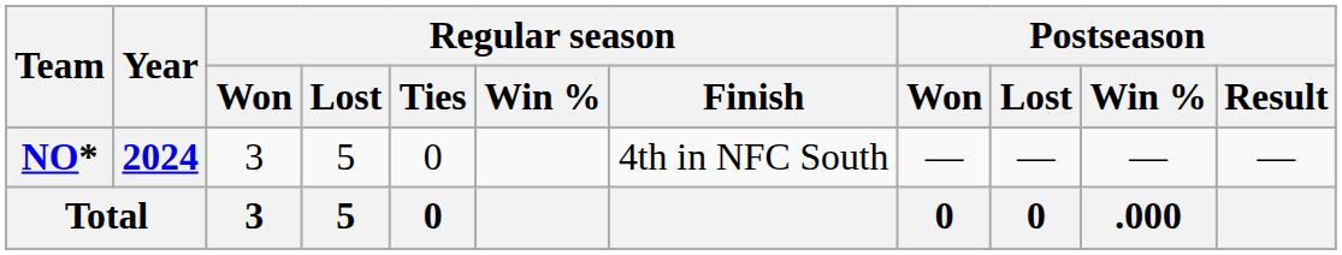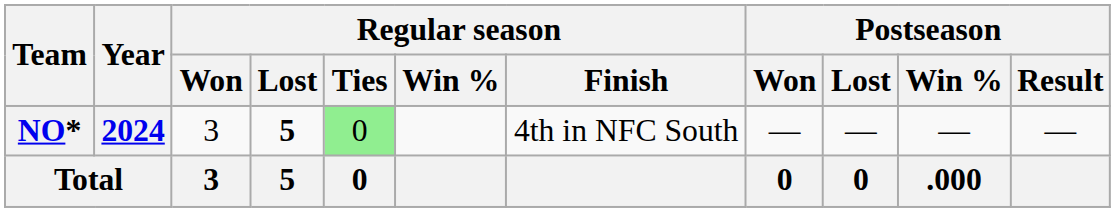 <table class="wikitable" style="text-align:center;">
 <tr>
 <th rowspan="2">Team</th>
 <th rowspan="2">Year</th>
 <th colspan="5">Regular season</th>
 <th colspan="4">Postseason</th>
 </tr>
 <tr>
 <th>Won</th>
 <th>Lost</th>
 <th>Ties</th>
 <th>Win %</th>
 <th>Finish</th>
 <th>Won</th>
 <th>Lost</th>
 <th>Win %</th>
 <th>Result</th>
 </tr>
 <tr>
 <th><a href='#'>NO</a>*</th>
 <th><a href='#'>2024</a></th>
 <td>3</td>
-<td>5</td>
-<td>0</td>
+<td><strong>5</strong></td>
+<td style="background: lightgreen;">0</td>
 <td></td>
 <td>4th in NFC South</td>
 <td>—</td>
 <td>—</td>
 <td>—</td>
 <td>—</td>
 </tr>
 <tr>
 <th colspan="2">Total</th>
 <th>3</th>
 <th>5</th>
 <th>0</th>
 <th></th>
 <th></th>
 <th>0</th>
 <th>0</th>
 <th>.000</th>
 <th></th>
 </tr>
 </table>
